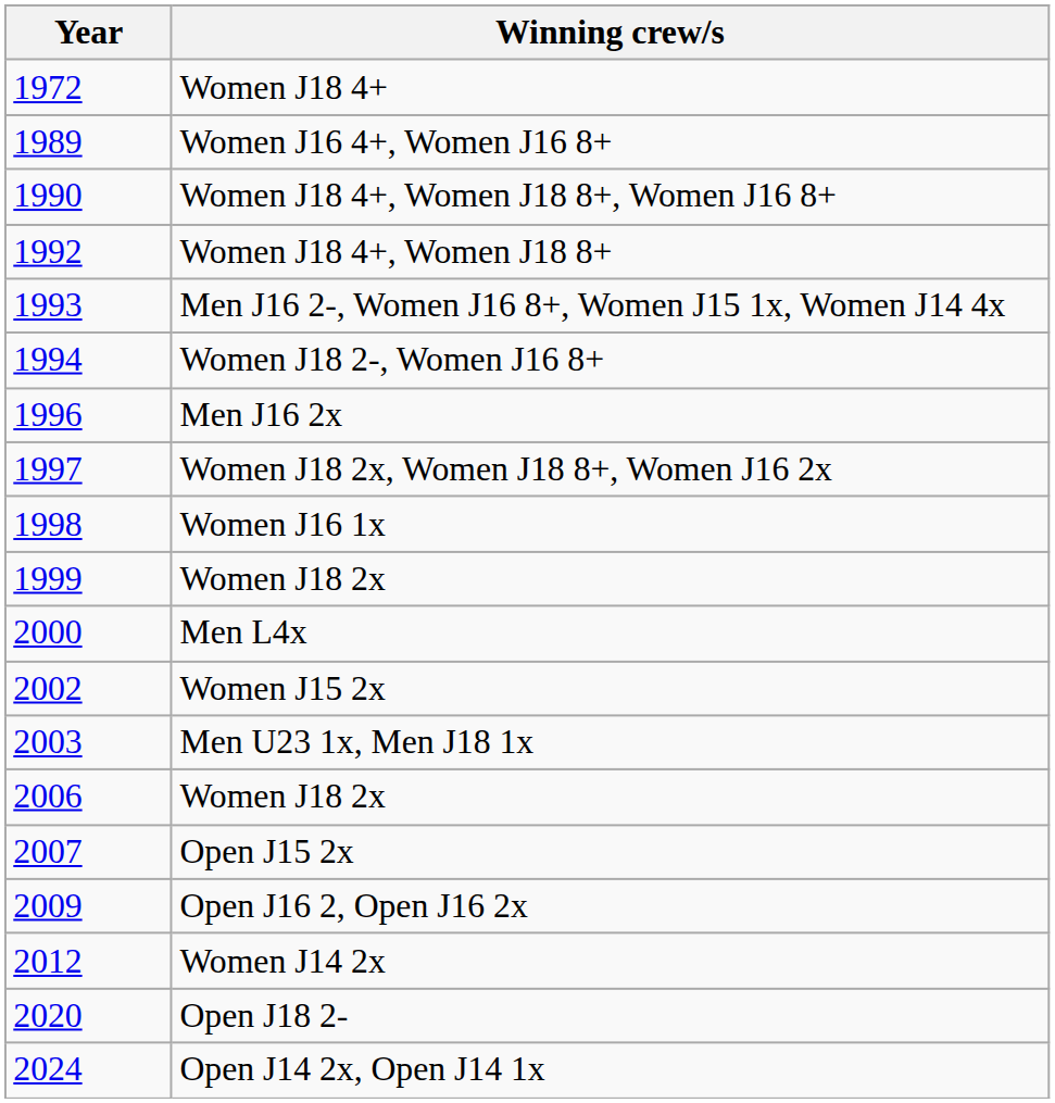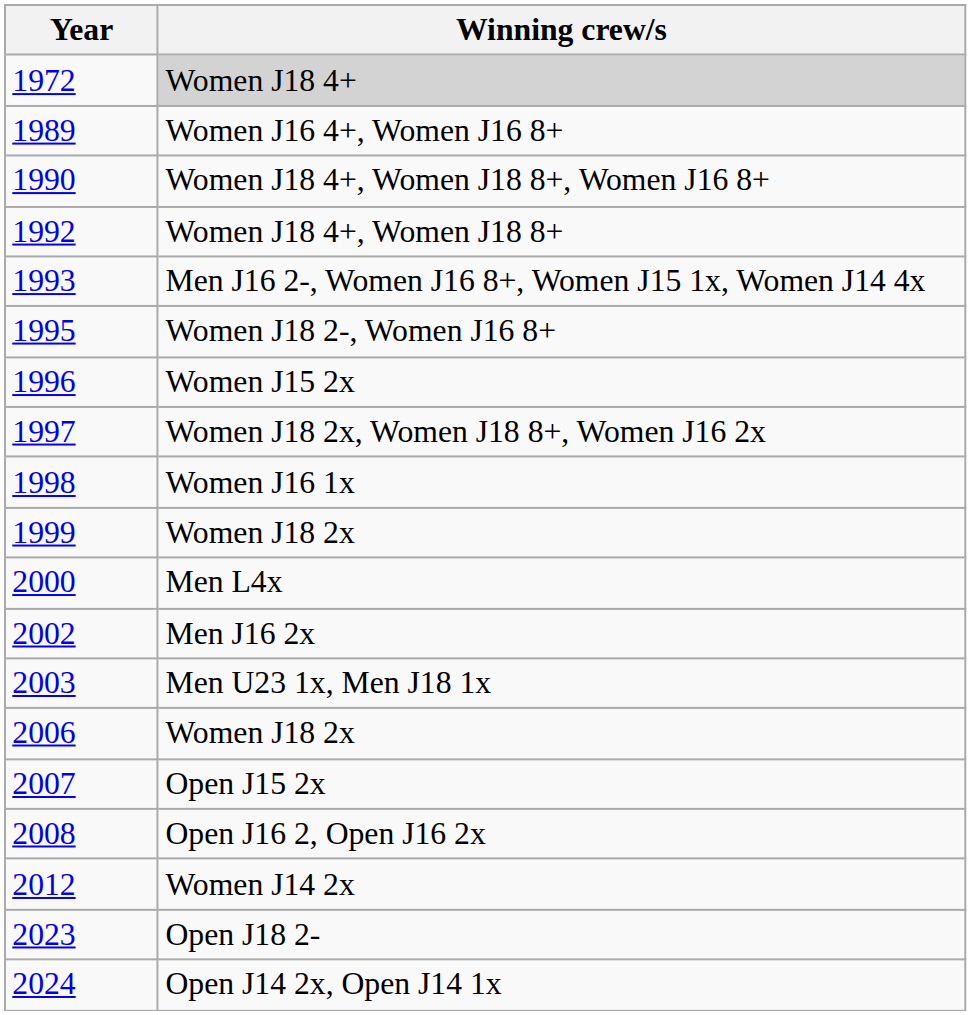 <table class="wikitable">
 <tr>
 <th width=70>Year</th>
 <th width=400>Winning crew/s</th>
 </tr>
 <tr>
 <td><a href='#'>1972</a></td>
-<td>Women J18 4+</td>
+<td style="background: lightgrey;">Women J18 4+</td>
 </tr>
 <tr>
 <td><a href='#'>1989</a></td>
 <td>Women J16 4+, Women J16 8+</td>
 </tr>
 <tr>
 <td><a href='#'>1990</a></td>
 <td>Women J18 4+, Women J18 8+, Women J16 8+</td>
 </tr>
 <tr>
 <td><a href='#'>1992</a></td>
 <td>Women J18 4+, Women J18 8+</td>
 </tr>
 <tr>
 <td><a href='#'>1993</a></td>
 <td>Men J16 2-, Women J16 8+, Women J15 1x, Women J14 4x</td>
 </tr>
 <tr>
-<td><a href='#'>1994</a></td>
+<td><a href='#'>1995</a></td>
 <td>Women J18 2-, Women J16 8+</td>
 </tr>
 <tr>
 <td><a href='#'>1996</a></td>
-<td>Men J16 2x</td>
+<td>Women J15 2x</td>
 </tr>
 <tr>
 <td><a href='#'>1997</a></td>
 <td>Women J18 2x, Women J18 8+, Women J16 2x</td>
 </tr>
 <tr>
 <td><a href='#'>1998</a></td>
 <td>Women J16 1x</td>
 </tr>
 <tr>
 <td><a href='#'>1999</a></td>
 <td>Women J18 2x</td>
 </tr>
 <tr>
 <td><a href='#'>2000</a></td>
 <td>Men L4x</td>
 </tr>
 <tr>
 <td><a href='#'>2002</a></td>
-<td>Women J15 2x</td>
+<td>Men J16 2x</td>
 </tr>
 <tr>
 <td><a href='#'>2003</a></td>
 <td>Men U23 1x, Men J18 1x</td>
 </tr>
 <tr>
 <td><a href='#'>2006</a></td>
 <td>Women J18 2x</td>
 </tr>
 <tr>
 <td><a href='#'>2007</a></td>
 <td>Open J15 2x</td>
 </tr>
 <tr>
-<td><a href='#'>2009</a></td>
+<td><a href='#'>2008</a></td>
 <td>Open J16 2, Open J16 2x</td>
 </tr>
 <tr>
 <td><a href='#'>2012</a></td>
 <td>Women J14 2x</td>
 </tr>
 <tr>
-<td><a href='#'>2020</a></td>
+<td><a href='#'>2023</a></td>
 <td>Open J18 2-</td>
 </tr>
 <tr>
 <td><a href='#'>2024</a></td>
 <td>Open J14 2x, Open J14 1x</td>
 </tr>
 </table>
